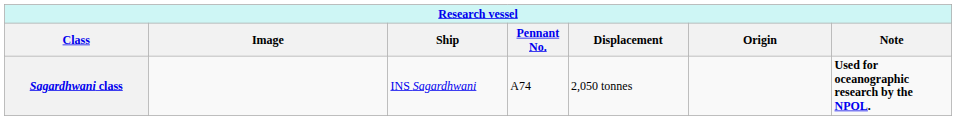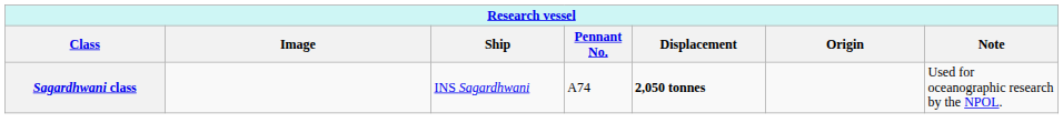 <table class="wikitable" style="margin:auto; width:100%;">
 <tr>
 <th colspan="7" style="align: center; background: #CEF6F5;"><a href='#'>Research vessel</a></th>
 </tr>
 <tr>
 <th style="text-align:center; width:12%;"><a href='#'>Class</a></th>
 <th style="text-align:center; width:20%;">Image</th>
 <th style="text-align:center; width:10%;">Ship</th>
 <th style="text-align:center; width:5%;"><a href='#'>Pennant No.</a></th>
 <th style="text-align:center; width:10%;">Displacement</th>
 <th style="text-align:center; width:12%;">Origin</th>
 <th style="text-align:center; width:10%;">Note</th>
 </tr>
 <tr>
 <th rowspan="1"><a href='#'><em>Sagardhwani</em> class</a></th>
 <td rowspan="1"></td>
 <td><a href='#'>INS <em>Sagardhwani</em></a></td>
 <td>A74</td>
-<td rowspan="1">2,050 tonnes</td>
+<td rowspan="1"><strong>2,050 tonnes</strong></td>
 <td rowspan="1"></td>
-<td rowspan="1"><strong>Used for oceanographic research by the <a href='#'>NPOL</a>.</strong></td>
+<td rowspan="1">Used for oceanographic research by the <a href='#'>NPOL</a>.</td>
 </tr>
 </table>
